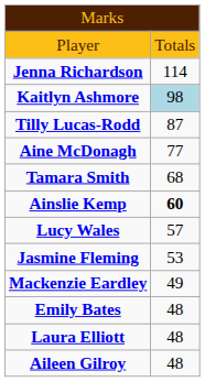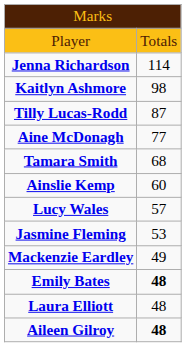 <table class="wikitable" style="text-align:center;">
 <tr>
 <td colspan="2" style="text-align:center; background: #4D2004; color: #FBBF15">Marks</td>
 </tr>
 <tr>
 <td style="text-align:center; background: #FBBF15; color: #4D2004">Player</td>
 <td style="text-align:center; background: #FBBF15; color: #4D2004">Totals</td>
 </tr>
 <tr>
 <td><strong><a href='#'>Jenna Richardson</a></strong></td>
 <td>114</td>
 </tr>
 <tr>
 <td><strong><a href='#'>Kaitlyn Ashmore</a></strong></td>
-<td style="background: lightblue;">98</td>
+<td>98</td>
 </tr>
 <tr>
 <td><strong><a href='#'>Tilly Lucas-Rodd</a></strong></td>
 <td>87</td>
 </tr>
 <tr>
 <td><strong><a href='#'>Aine McDonagh</a></strong></td>
 <td>77</td>
 </tr>
 <tr>
 <td><strong><a href='#'>Tamara Smith</a></strong></td>
 <td>68</td>
 </tr>
 <tr>
 <td><strong><a href='#'>Ainslie Kemp</a></strong></td>
-<td><strong>60</strong></td>
+<td>60</td>
 </tr>
 <tr>
 <td><strong><a href='#'>Lucy Wales</a></strong></td>
 <td>57</td>
 </tr>
 <tr>
 <td><strong><a href='#'>Jasmine Fleming</a></strong></td>
 <td>53</td>
 </tr>
 <tr>
 <td><strong><a href='#'>Mackenzie Eardley</a></strong></td>
 <td>49</td>
 </tr>
 <tr>
 <td><strong><a href='#'>Emily Bates</a></strong></td>
-<td>48</td>
+<td><strong>48</strong></td>
 </tr>
 <tr>
 <td><strong><a href='#'>Laura Elliott</a></strong></td>
 <td>48</td>
 </tr>
 <tr>
 <td><strong><a href='#'>Aileen Gilroy</a></strong></td>
-<td>48</td>
+<td><strong>48</strong></td>
 </tr>
 </table>
